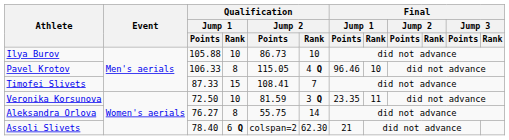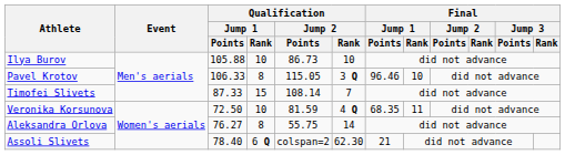 <table class="wikitable" style="font-size:90%">
 <tr>
 <th rowspan="3">Athlete</th>
 <th rowspan="3">Event</th>
 <th colspan="4">Qualification</th>
 <th colspan="6">Final</th>
 </tr>
 <tr style="font-size:95%">
 <th colspan=2>Jump 1</th>
 <th colspan=2>Jump 2</th>
 <th colspan=2>Jump 1</th>
 <th colspan=2>Jump 2</th>
 <th colspan=2>Jump 3</th>
 </tr>
 <tr style="font-size:95%">
 <th>Points</th>
 <th>Rank</th>
 <th>Points</th>
 <th>Rank</th>
 <th>Points</th>
 <th>Rank</th>
 <th>Points</th>
 <th>Rank</th>
 <th>Points</th>
 <th>Rank</th>
 </tr>
 <tr align=center>
 <td align=left><a href='#'>Ilya Burov</a></td>
 <td rowspan="3" align=left><a href='#'>Men's aerials</a></td>
 <td>105.88</td>
 <td>10</td>
 <td>86.73</td>
 <td>10</td>
 <td colspan=6>did not advance</td>
 </tr>
 <tr align=center>
 <td align=left><a href='#'>Pavel Krotov</a></td>
 <td>106.33</td>
 <td>8</td>
 <td>115.05</td>
-<td>4 <strong>Q</strong></td>
+<td>3 <strong>Q</strong></td>
 <td>96.46</td>
 <td>10</td>
 <td colspan=4>did not advance</td>
 </tr>
 <tr align=center>
 <td align=left><a href='#'>Timofei Slivets</a></td>
 <td>87.33</td>
 <td>15</td>
-<td>108.41</td>
+<td>108.14</td>
 <td>7</td>
 <td colspan=6>did not advance</td>
 </tr>
 <tr align=center>
 <td align=left><a href='#'>Veronika Korsunova</a></td>
 <td rowspan="3" align=left><a href='#'>Women's aerials</a></td>
 <td>72.50</td>
 <td>10</td>
 <td>81.59</td>
-<td>3 <strong>Q</strong></td>
-<td>23.35</td>
+<td>4 <strong>Q</strong></td>
+<td>68.35</td>
 <td>11</td>
 <td colspan=4>did not advance</td>
 </tr>
 <tr align=center>
 <td align=left><a href='#'>Aleksandra Orlova</a></td>
 <td>76.27</td>
 <td>8</td>
 <td>55.75</td>
 <td>14</td>
 <td colspan=6>did not advance</td>
 </tr>
 <tr align=center>
 <td align=left><a href='#'>Assoli Slivets</a></td>
 <td>78.40</td>
 <td>6 <strong>Q</strong></td>
 <td>colspan=2 </td>
 <td>62.30</td>
 <td>21</td>
 <td colspan=4>did not advance</td>
 </tr>
 </table>
